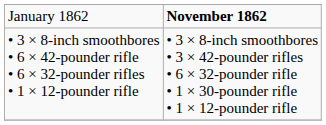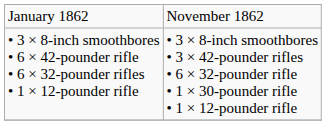 <table class="wikitable">
 <tr>
 </tr>
 <tr>
 <td>January 1862</td>
-<td><strong>November 1862</strong></td>
+<td>November 1862</td>
 </tr>
 <tr>
 <td valign=top>• 3 × 8-inch smoothbores<br>• 6 × 42-pounder rifle<br>• 6 × 32-pounder rifles<br>• 1 × 12-pounder rifle<br></td>
 <td valign=top>• 3 × 8-inch smoothbores<br>• 3 × 42-pounder rifles<br>• 6 × 32-pounder rifle<br>• 1 × 30-pounder rifle<br>• 1 × 12-pounder rifle<br></td>
 </tr>
 <tr>
 </tr>
 </table>
